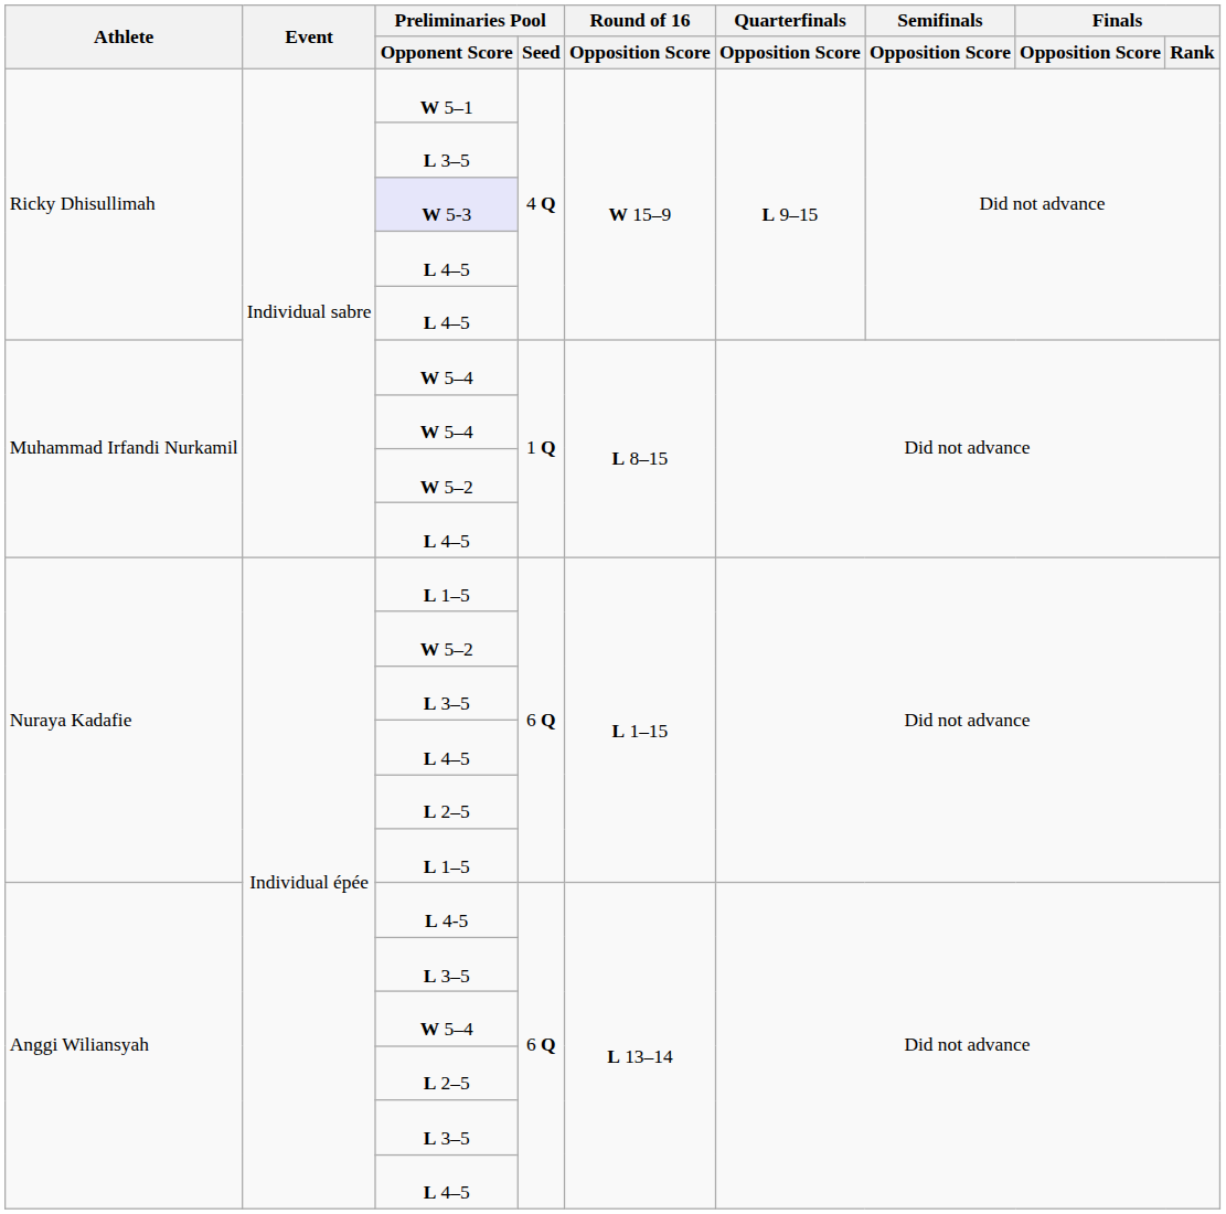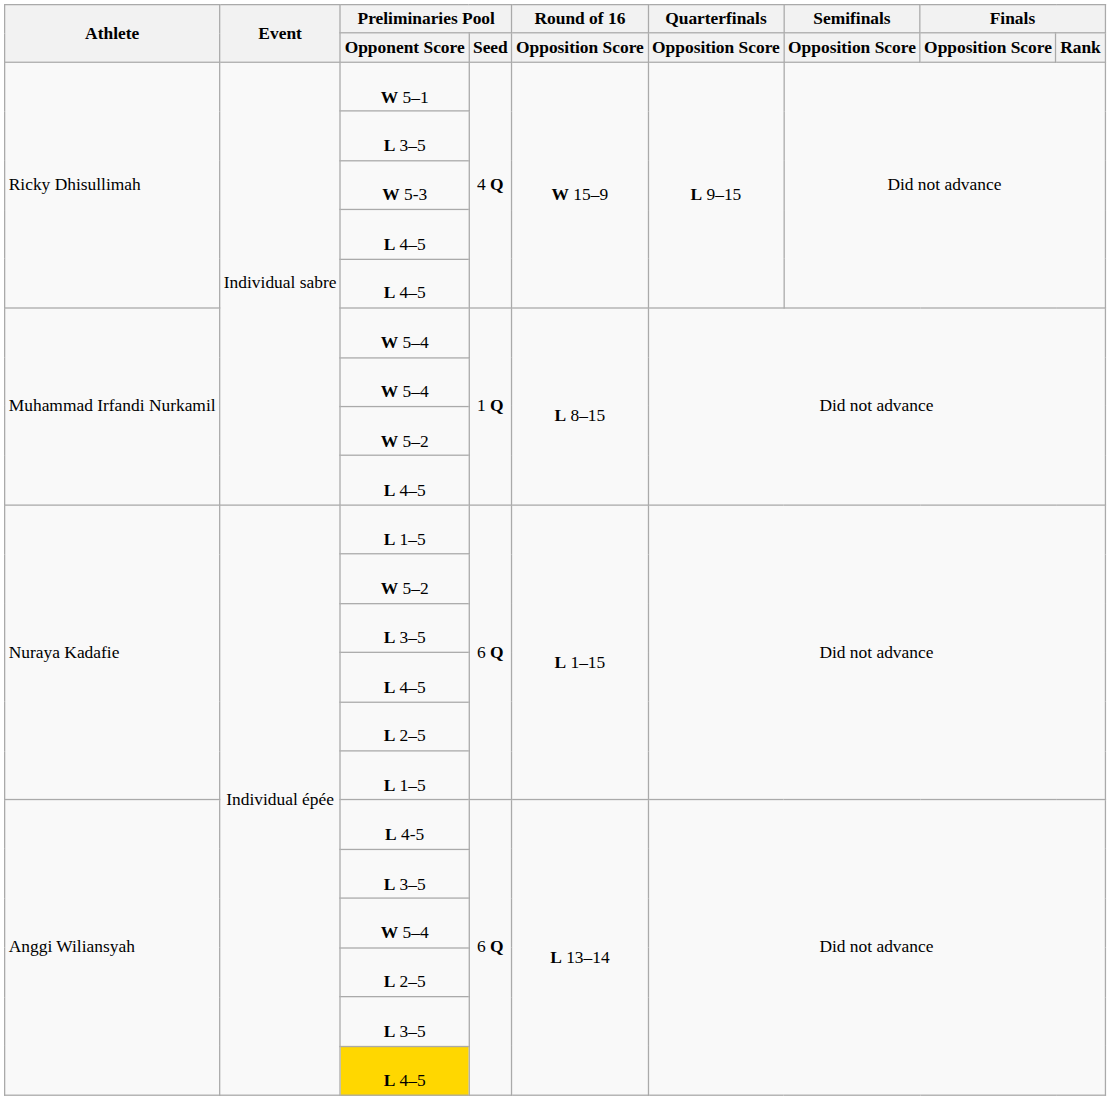 <table class="wikitable" style="font-size:85%">
 <tr>
 <th rowspan="2">Athlete</th>
 <th rowspan="2">Event</th>
 <th colspan="2">Preliminaries Pool</th>
 <th>Round of 16</th>
 <th>Quarterfinals</th>
 <th>Semifinals</th>
 <th colspan="2">Finals</th>
 </tr>
 <tr>
 <th>Opponent Score</th>
 <th>Seed</th>
 <th>Opposition Score</th>
 <th>Opposition Score</th>
 <th>Opposition Score</th>
 <th>Opposition Score</th>
 <th>Rank</th>
 </tr>
 <tr align="center">
 <td align="left" rowspan="5">Ricky Dhisullimah</td>
 <td rowspan="9">Individual sabre</td>
 <td><br><strong>W</strong> 5–1</td>
 <td rowspan="5">4 <strong>Q</strong></td>
 <td rowspan="5"><br><strong>W</strong> 15–9</td>
 <td rowspan="5"><br><strong>L</strong> 9–15</td>
 <td rowspan="5" colspan="3">Did not advance</td>
 </tr>
 <tr align="center">
 <td><br><strong>L</strong> 3–5</td>
 </tr>
 <tr align="center">
-<td style="background: lavender;"><br><strong>W</strong> 5-3</td>
+<td><br><strong>W</strong> 5-3</td>
 </tr>
 <tr align="center">
 <td><br><strong>L</strong> 4–5</td>
 </tr>
 <tr align="center">
 <td><br><strong>L</strong> 4–5</td>
 </tr>
 <tr align="center">
 <td align="left" rowspan="4">Muhammad Irfandi Nurkamil</td>
 <td><br><strong>W</strong> 5–4</td>
 <td rowspan="4">1 <strong>Q</strong></td>
 <td rowspan="4"><br><strong>L</strong> 8–15</td>
 <td rowspan="4" colspan="4">Did not advance</td>
 </tr>
 <tr align="center">
 <td><br><strong>W</strong> 5–4</td>
 </tr>
 <tr align="center">
 <td><br><strong>W</strong> 5–2</td>
 </tr>
 <tr align="center">
 <td><br><strong>L</strong> 4–5</td>
 </tr>
 <tr align="center">
 <td align="left" rowspan="6">Nuraya Kadafie</td>
 <td rowspan="12">Individual épée</td>
 <td><br><strong>L</strong> 1–5</td>
 <td rowspan="6">6 <strong>Q</strong></td>
 <td rowspan="6"><br><strong>L</strong> 1–15</td>
 <td rowspan="6" colspan="4">Did not advance</td>
 </tr>
 <tr align="center">
 <td><br><strong>W</strong> 5–2</td>
 </tr>
 <tr align="center">
 <td><br><strong>L</strong> 3–5</td>
 </tr>
 <tr align="center">
 <td><br><strong>L</strong> 4–5</td>
 </tr>
 <tr align="center">
 <td><br><strong>L</strong> 2–5</td>
 </tr>
 <tr align="center">
 <td><br><strong>L</strong> 1–5</td>
 </tr>
 <tr align="center">
 <td align="left" rowspan="6">Anggi Wiliansyah</td>
 <td><br><strong>L</strong> 4-5</td>
 <td rowspan="6">6 <strong>Q</strong></td>
 <td rowspan="6"><br><strong>L</strong> 13–14</td>
 <td rowspan="6" colspan="4">Did not advance</td>
 </tr>
 <tr align="center">
 <td><br><strong>L</strong> 3–5</td>
 </tr>
 <tr align="center">
 <td><br><strong>W</strong> 5–4</td>
 </tr>
 <tr align="center">
 <td><br><strong>L</strong> 2–5</td>
 </tr>
 <tr align="center">
 <td><br><strong>L</strong> 3–5</td>
 </tr>
 <tr align="center">
-<td><br><strong>L</strong> 4–5</td>
+<td style="background: gold;"><br><strong>L</strong> 4–5</td>
 </tr>
 </table>
